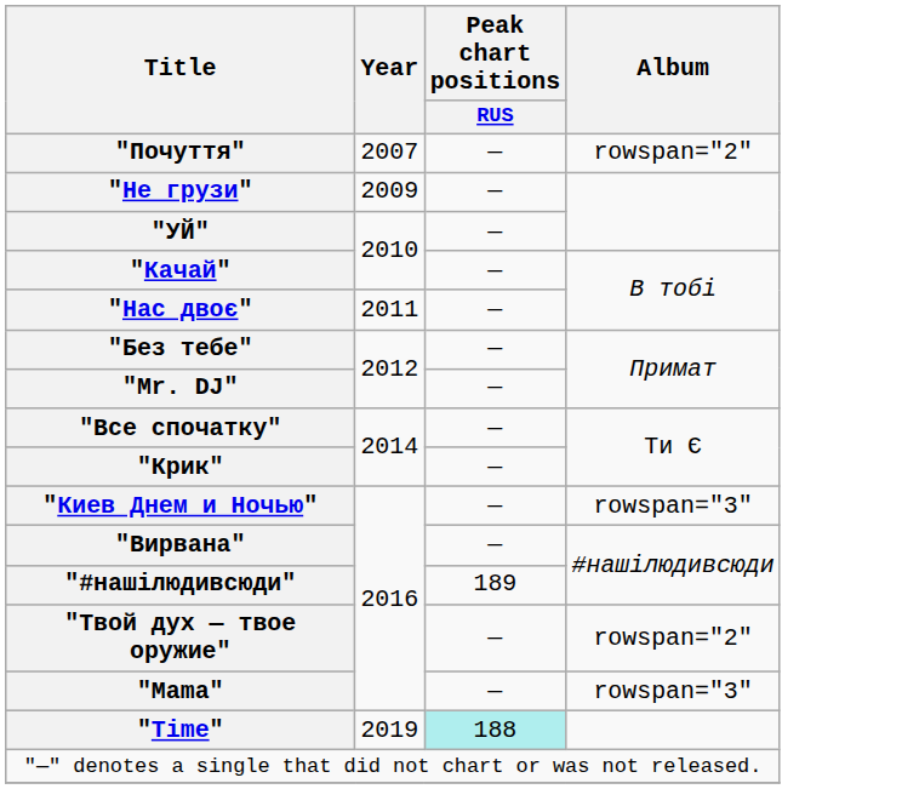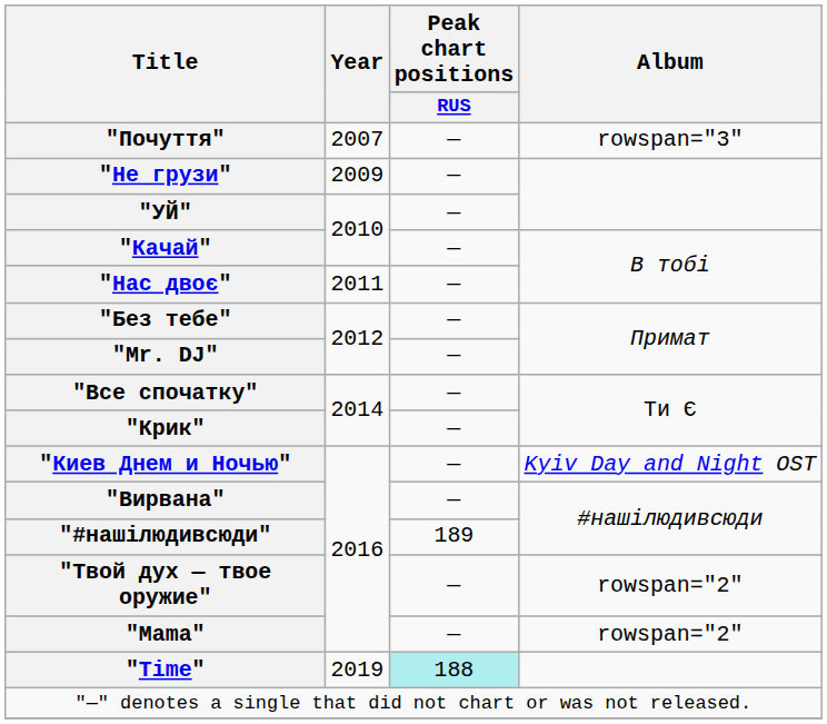 <table class="wikitable plainrowheaders" style="text-align:center;">
 <tr>
 <th scope="col" rowspan="2" style="width:14em;">Title</th>
 <th scope="col" rowspan="2" style="width:1em;">Year</th>
 <th scope="col" colspan="1">Peak chart positions</th>
 <th scope="col" rowspan="2">Album</th>
 </tr>
 <tr>
 <th scope="col" style="width:3em;font-size:85%;"><a href='#'>RUS</a><br></th>
 </tr>
 <tr>
 <th scope="row">"Почуття"</th>
 <td>2007</td>
 <td>—</td>
-<td>rowspan="2" </td>
+<td>rowspan="3" </td>
 </tr>
 <tr>
 <th scope="row">"<a href='#'>Не грузи</a>"</th>
 <td>2009</td>
 <td>—</td>
 </tr>
 <tr>
 <th scope="row">"УЙ"</th>
 <td rowspan="2">2010</td>
 <td>—</td>
 </tr>
 <tr>
 <th scope="row">"<a href='#'>Качай</a>"</th>
 <td>—</td>
 <td rowspan="2"><em>В тобі</em></td>
 </tr>
 <tr>
 <th scope="row">"<a href='#'>Нас двоє</a>"</th>
 <td>2011</td>
 <td>—</td>
 </tr>
 <tr>
 <th scope="row">"Без тебе"</th>
 <td rowspan="2">2012</td>
 <td>—</td>
 <td rowspan="2"><em>Примат<strong></td>
 </tr>
 <tr>
 <th scope="row">"Mr. DJ"</th>
 <td>—</td>
 </tr>
 <tr>
 <th scope="row">"Все спочатку"</th>
 <td rowspan="2">2014</td>
 <td>—</td>
 <td rowspan="2"></em>Ти Є</strong></td>
 </tr>
 <tr>
 <th scope="row">"Крик"</th>
 <td>—</td>
 </tr>
 <tr>
 <th scope="row">"<a href='#'>Киев Днем и Ночью</a>"</th>
 <td rowspan="5">2016</td>
 <td>—</td>
-<td>rowspan="3" </td>
+<td><em><a href='#'>Kyiv Day and Night</a> OST</em></td>
 </tr>
 <tr>
 <th scope="row">"Вирвана"</th>
 <td>—</td>
 <td rowspan="2"><em>#нашiлюдивсюди</em></td>
 </tr>
 <tr>
 <th scope="row">"#нашiлюдивсюди"</th>
 <td>189</td>
 </tr>
 <tr>
 <th scope="row">"Твой дух — твое оружие"</th>
 <td>—</td>
 <td>rowspan="2" </td>
 </tr>
 <tr>
 <th scope="row">"Mama"</th>
 <td>—</td>
-<td>rowspan="3" </td>
+<td>rowspan="2" </td>
 </tr>
 <tr>
 <th scope="row">"<a href='#'>Time</a>"</th>
 <td>2019</td>
 <td style="background: paleturquoise;">188</td>
 </tr>
 <tr>
 <td colspan="20" style="text-align:center; font-size:85%;">"—" denotes a single that did not chart or was not released.</td>
 </tr>
 <tr>
 </tr>
 </table>
